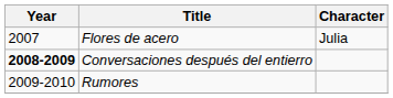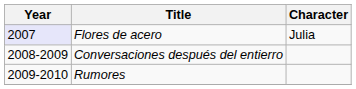 <table class="wikitable" style="font-size: 90%;">
 <tr>
 <th>Year</th>
 <th>Title</th>
 <th>Character</th>
 </tr>
 <tr>
-<td>2007</td>
+<td style="background: lavender;">2007</td>
 <td><em>Flores de acero</em></td>
 <td>Julia</td>
 </tr>
 <tr>
-<td><strong>2008-2009</strong></td>
+<td>2008-2009</td>
 <td><em>Conversaciones después del entierro</em></td>
 <td></td>
 </tr>
 <tr>
 <td>2009-2010</td>
 <td><em>Rumores</em></td>
 <td></td>
 </tr>
 <tr>
 </tr>
 </table>
